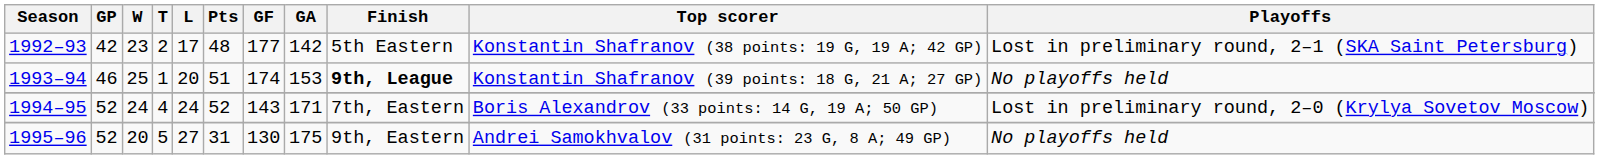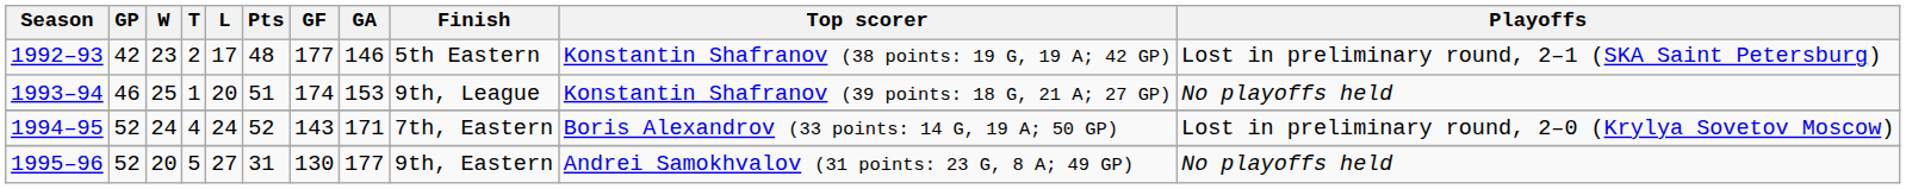 <table class="wikitable">
 <tr style="text-align:center; font-size:small; background:afeeee; padding:5px;"|>
 <th>Season</th>
 <th>GP</th>
 <th>W</th>
 <th>T</th>
 <th>L</th>
 <th>Pts</th>
 <th>GF</th>
 <th>GA</th>
 <th>Finish</th>
 <th>Top scorer</th>
 <th>Playoffs</th>
 </tr>
 <tr>
 <td><a href='#'>1992–93</a></td>
 <td>42</td>
 <td>23</td>
 <td>2</td>
 <td>17</td>
 <td>48</td>
 <td>177</td>
-<td>142</td>
+<td>146</td>
 <td>5th Eastern</td>
 <td><a href='#'>Konstantin Shafranov</a> <small>(38 points: 19 G, 19 A; 42 GP)</small></td>
 <td>Lost in preliminary round, 2–1 (<a href='#'>SKA Saint Petersburg</a>)</td>
 </tr>
 <tr>
 <td><a href='#'>1993–94</a></td>
 <td>46</td>
 <td>25</td>
 <td>1</td>
 <td>20</td>
 <td>51</td>
 <td>174</td>
 <td>153</td>
-<td><strong>9th, League</strong></td>
+<td>9th, League</td>
 <td><a href='#'>Konstantin Shafranov</a> <small>(39 points: 18 G, 21 A; 27 GP)</small></td>
 <td><em>No playoffs held</em></td>
 </tr>
 <tr style="background:#eee;">
 </tr>
 <tr>
 <td><a href='#'>1994–95</a></td>
 <td>52</td>
 <td>24</td>
 <td>4</td>
 <td>24</td>
 <td>52</td>
 <td>143</td>
 <td>171</td>
 <td>7th, Eastern</td>
 <td><a href='#'>Boris Alexandrov</a> <small>(33 points: 14 G, 19 A; 50 GP)</small></td>
 <td>Lost in preliminary round, 2–0 (<a href='#'>Krylya Sovetov Moscow</a>)</td>
 </tr>
 <tr style="background:#eee;">
 </tr>
 <tr>
 <td><a href='#'>1995–96</a></td>
 <td>52</td>
 <td>20</td>
 <td>5</td>
 <td>27</td>
 <td>31</td>
 <td>130</td>
-<td>175</td>
+<td>177</td>
 <td>9th, Eastern</td>
 <td><a href='#'>Andrei Samokhvalov</a> <small>(31 points: 23 G, 8 A; 49 GP)</small></td>
 <td><em>No playoffs held</em></td>
 </tr>
 </table>
